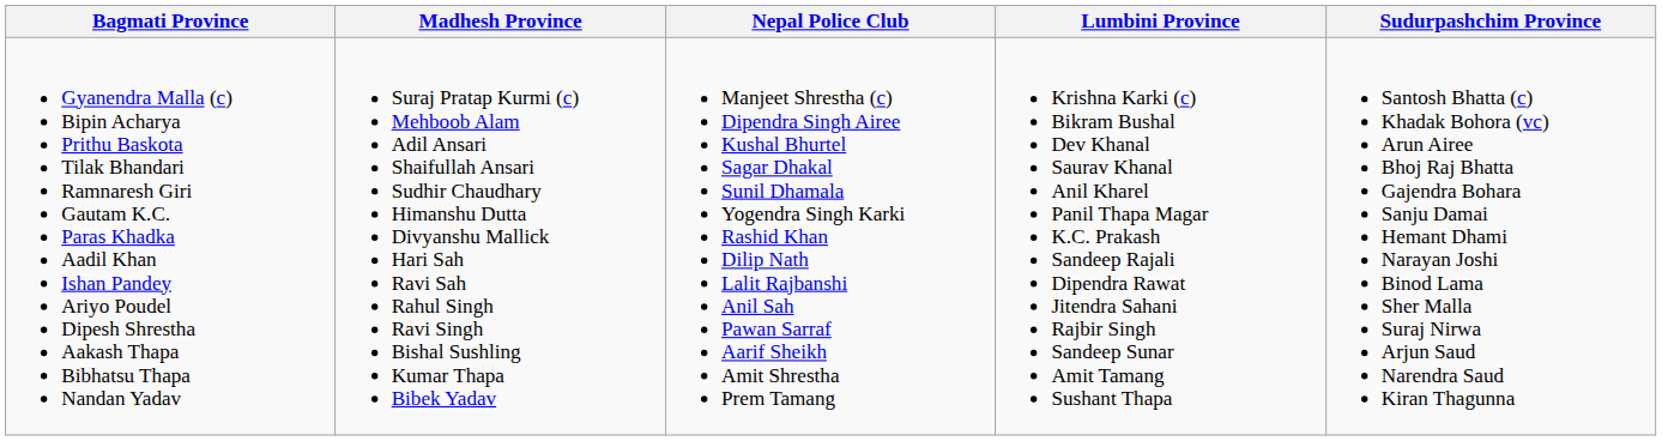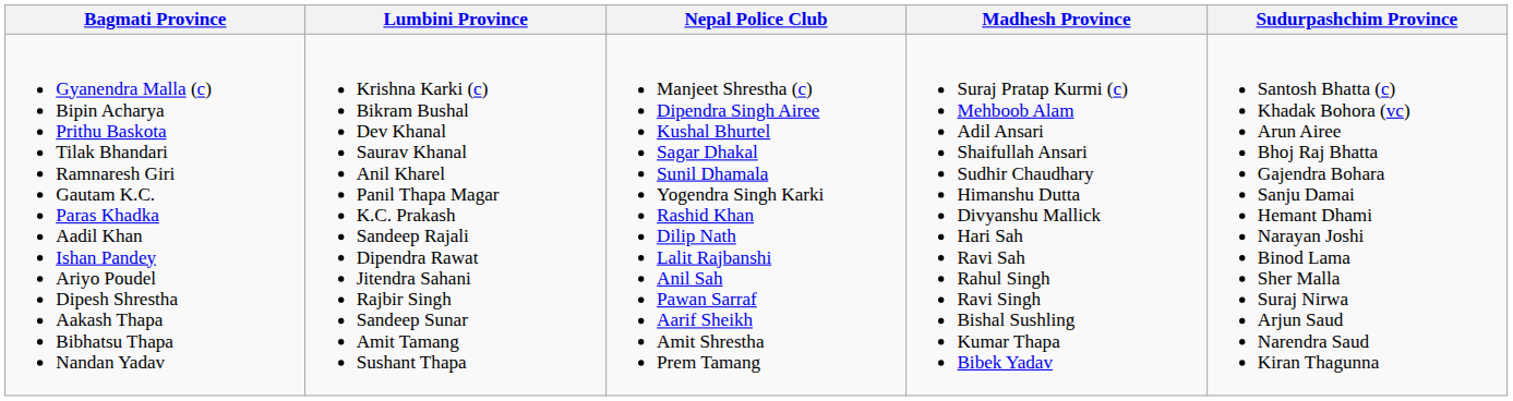 <table class="wikitable">
 <tr>
 <th width="250px"><a href='#'>Bagmati Province</a></th>
+<th width="250px"><a href='#'>Lumbini Province</a></th>
+<th width="250px"><a href='#'>Nepal Police Club</a></th>
 <th width="250px"><a href='#'>Madhesh Province</a></th>
-<th width="250px"><a href='#'>Nepal Police Club</a></th>
-<th width="250px"><a href='#'>Lumbini Province</a></th>
 <th width="250px"><a href='#'>Sudurpashchim Province</a></th>
 </tr>
 <tr>
 <td><br><ul><li><a href='#'>Gyanendra Malla</a> (<a href='#'>c</a>)</li><li>Bipin Acharya</li><li><a href='#'>Prithu Baskota</a></li><li>Tilak Bhandari</li><li>Ramnaresh Giri</li><li>Gautam K.C.</li><li><a href='#'>Paras Khadka</a></li><li>Aadil Khan</li><li><a href='#'>Ishan Pandey</a></li><li>Ariyo Poudel</li><li>Dipesh Shrestha</li><li>Aakash Thapa</li><li>Bibhatsu Thapa</li><li>Nandan Yadav</li></ul></td>
+<td><br><ul><li>Krishna Karki (<a href='#'>c</a>)</li><li>Bikram Bushal</li><li>Dev Khanal</li><li>Saurav Khanal</li><li>Anil Kharel</li><li>Panil Thapa Magar</li><li>K.C. Prakash</li><li>Sandeep Rajali</li><li>Dipendra Rawat</li><li>Jitendra Sahani</li><li>Rajbir Singh</li><li>Sandeep Sunar</li><li>Amit Tamang</li><li>Sushant Thapa</li></ul></td>
+<td><br><ul><li>Manjeet Shrestha (<a href='#'>c</a>)</li><li><a href='#'>Dipendra Singh Airee</a></li><li><a href='#'>Kushal Bhurtel</a></li><li><a href='#'>Sagar Dhakal</a></li><li><a href='#'>Sunil Dhamala</a></li><li>Yogendra Singh Karki</li><li><a href='#'>Rashid Khan</a></li><li><a href='#'>Dilip Nath</a></li><li><a href='#'>Lalit Rajbanshi</a></li><li><a href='#'>Anil Sah</a></li><li><a href='#'>Pawan Sarraf</a></li><li><a href='#'>Aarif Sheikh</a></li><li>Amit Shrestha</li><li>Prem Tamang</li></ul></td>
 <td><br><ul><li>Suraj Pratap Kurmi (<a href='#'>c</a>)</li><li><a href='#'>Mehboob Alam</a></li><li>Adil Ansari</li><li>Shaifullah Ansari</li><li>Sudhir Chaudhary</li><li>Himanshu Dutta</li><li>Divyanshu Mallick</li><li>Hari Sah</li><li>Ravi Sah</li><li>Rahul Singh</li><li>Ravi Singh</li><li>Bishal Sushling</li><li>Kumar Thapa</li><li><a href='#'>Bibek Yadav</a></li></ul></td>
-<td><br><ul><li>Manjeet Shrestha (<a href='#'>c</a>)</li><li><a href='#'>Dipendra Singh Airee</a></li><li><a href='#'>Kushal Bhurtel</a></li><li><a href='#'>Sagar Dhakal</a></li><li><a href='#'>Sunil Dhamala</a></li><li>Yogendra Singh Karki</li><li><a href='#'>Rashid Khan</a></li><li><a href='#'>Dilip Nath</a></li><li><a href='#'>Lalit Rajbanshi</a></li><li><a href='#'>Anil Sah</a></li><li><a href='#'>Pawan Sarraf</a></li><li><a href='#'>Aarif Sheikh</a></li><li>Amit Shrestha</li><li>Prem Tamang</li></ul></td>
-<td><br><ul><li>Krishna Karki (<a href='#'>c</a>)</li><li>Bikram Bushal</li><li>Dev Khanal</li><li>Saurav Khanal</li><li>Anil Kharel</li><li>Panil Thapa Magar</li><li>K.C. Prakash</li><li>Sandeep Rajali</li><li>Dipendra Rawat</li><li>Jitendra Sahani</li><li>Rajbir Singh</li><li>Sandeep Sunar</li><li>Amit Tamang</li><li>Sushant Thapa</li></ul></td>
 <td><br><ul><li>Santosh Bhatta (<a href='#'>c</a>)</li><li>Khadak Bohora (<a href='#'>vc</a>)</li><li>Arun Airee</li><li>Bhoj Raj Bhatta</li><li>Gajendra Bohara</li><li>Sanju Damai</li><li>Hemant Dhami</li><li>Narayan Joshi</li><li>Binod Lama</li><li>Sher Malla</li><li>Suraj Nirwa</li><li>Arjun Saud</li><li>Narendra Saud</li><li>Kiran Thagunna</li></ul></td>
 </tr>
 </table>
